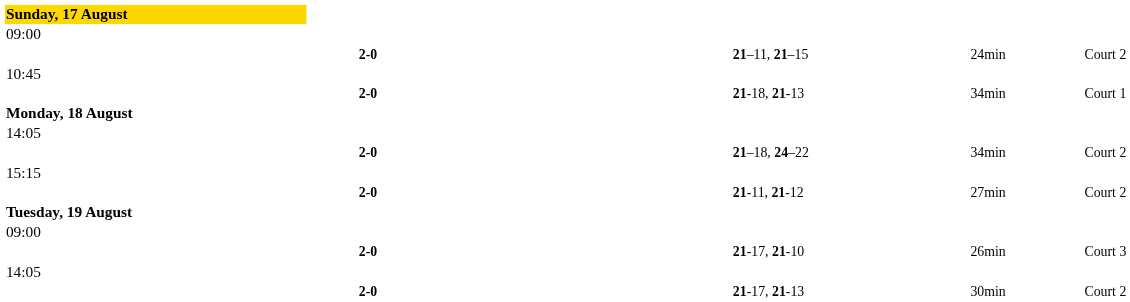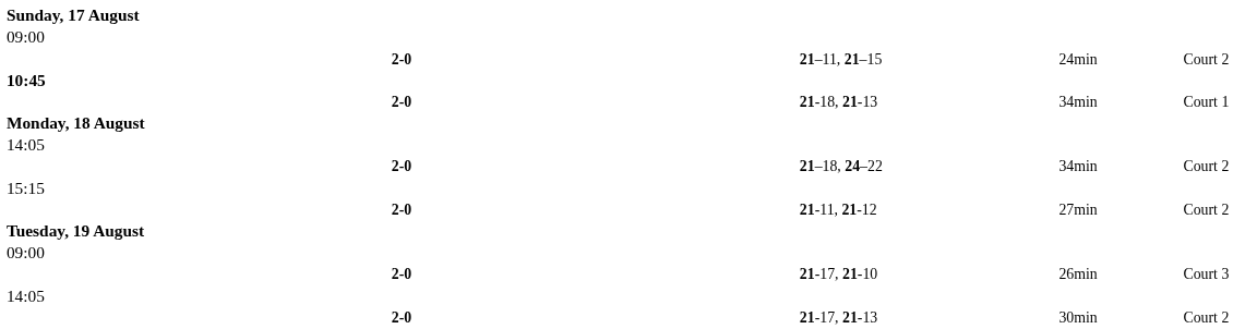 <table style="width:100%;" cellspacing="1">
 <tr>
 <th width=25%></th>
 <th width=10%></th>
 <th width=25%></th>
 </tr>
 <tr>
-<td style="background: gold;"><strong>Sunday, 17 August</strong></td>
+<td><strong>Sunday, 17 August</strong></td>
 </tr>
 <tr>
 <td>09:00</td>
 </tr>
 <tr style=font-size:90%>
 <td align=right><strong></strong></td>
 <td align=center><strong> 2-0 </strong></td>
 <td></td>
 <td><strong>21</strong>–11, <strong>21</strong>–15</td>
 <td>24min</td>
 <td>Court 2</td>
 </tr>
 <tr>
-<td>10:45</td>
+<td><strong>10:45</strong></td>
 </tr>
 <tr style=font-size:90%>
 <td align=right><strong></strong></td>
 <td align=center><strong> 2-0 </strong></td>
 <td></td>
 <td><strong>21</strong>-18, <strong>21</strong>-13</td>
 <td>34min</td>
 <td>Court 1</td>
 </tr>
 <tr>
 <td><strong>Monday, 18 August</strong></td>
 </tr>
 <tr>
 <td>14:05</td>
 </tr>
 <tr style=font-size:90%>
 <td align=right><strong></strong></td>
 <td align=center><strong> 2-0 </strong></td>
 <td></td>
 <td><strong>21</strong>–18, <strong>24</strong>–22</td>
 <td>34min</td>
 <td>Court 2</td>
 </tr>
 <tr>
 <td>15:15</td>
 </tr>
 <tr style=font-size:90%>
 <td align=right><strong></strong></td>
 <td align=center><strong> 2-0 </strong></td>
 <td></td>
 <td><strong>21</strong>-11, <strong>21</strong>-12</td>
 <td>27min</td>
 <td>Court 2</td>
 </tr>
 <tr>
 <td><strong>Tuesday, 19 August</strong></td>
 </tr>
 <tr>
 <td>09:00</td>
 </tr>
 <tr style=font-size:90%>
 <td align=right><strong></strong></td>
 <td align=center><strong> 2-0 </strong></td>
 <td></td>
 <td><strong>21</strong>-17, <strong>21</strong>-10</td>
 <td>26min</td>
 <td>Court 3</td>
 </tr>
 <tr>
 <td>14:05</td>
 </tr>
 <tr style=font-size:90%>
 <td align=right><strong></strong></td>
 <td align=center><strong> 2-0 </strong></td>
 <td></td>
 <td><strong>21</strong>-17, <strong>21</strong>-13</td>
 <td>30min</td>
 <td>Court 2</td>
 </tr>
 </table>
